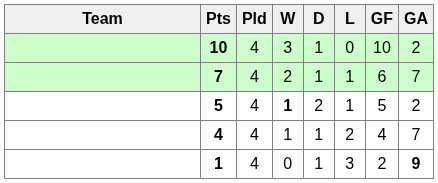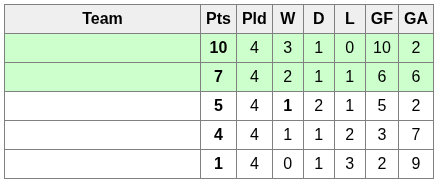 <table style=border-collapse:collapse border=1 cellspacing=0 cellpadding=5>
 <tr align=center bgcolor=#efefef>
 <th width=185>Team</th>
 <th width=20>Pts</th>
 <th width=20>Pld</th>
 <th width=20>W</th>
 <th width=20>D</th>
 <th width=20>L</th>
 <th width=20>GF</th>
 <th width=20>GA</th>
 </tr>
 <tr align=center style="background:#ccffcc">
 <td style="text-align:left;"></td>
 <td><strong>10</strong></td>
 <td>4</td>
 <td>3</td>
 <td>1</td>
 <td>0</td>
 <td>10</td>
 <td>2</td>
 </tr>
 <tr align=center style="background:#ccffcc">
 <td style="text-align:left;"></td>
 <td><strong>7</strong></td>
 <td>4</td>
 <td>2</td>
 <td>1</td>
 <td>1</td>
 <td>6</td>
-<td>7</td>
+<td>6</td>
 </tr>
 <tr align=center>
 <td style="text-align:left;"></td>
 <td><strong>5</strong></td>
 <td>4</td>
 <td><strong>1</strong></td>
 <td>2</td>
 <td>1</td>
 <td>5</td>
 <td>2</td>
 </tr>
 <tr align=center>
 <td style="text-align:left;"></td>
 <td><strong>4</strong></td>
 <td>4</td>
 <td>1</td>
 <td>1</td>
 <td>2</td>
-<td>4</td>
+<td>3</td>
 <td>7</td>
 </tr>
 <tr align=center>
 <td style="text-align:left;"></td>
 <td><strong>1</strong></td>
 <td>4</td>
 <td>0</td>
 <td>1</td>
 <td>3</td>
 <td>2</td>
-<td><strong>9</strong></td>
+<td>9</td>
 </tr>
 </table>
